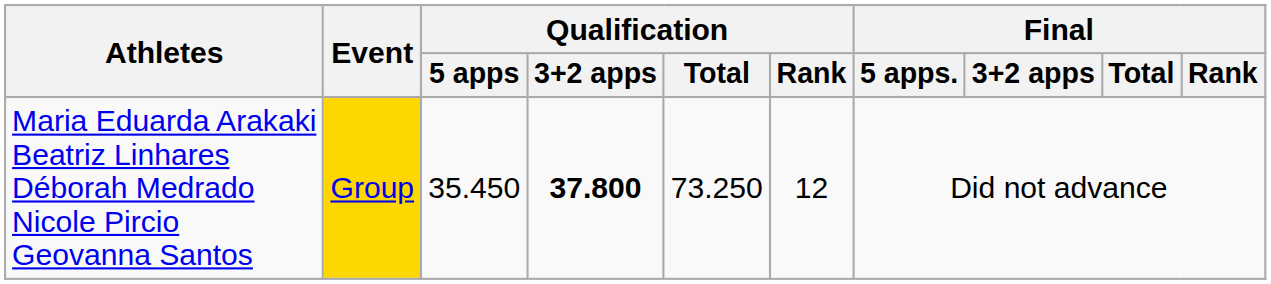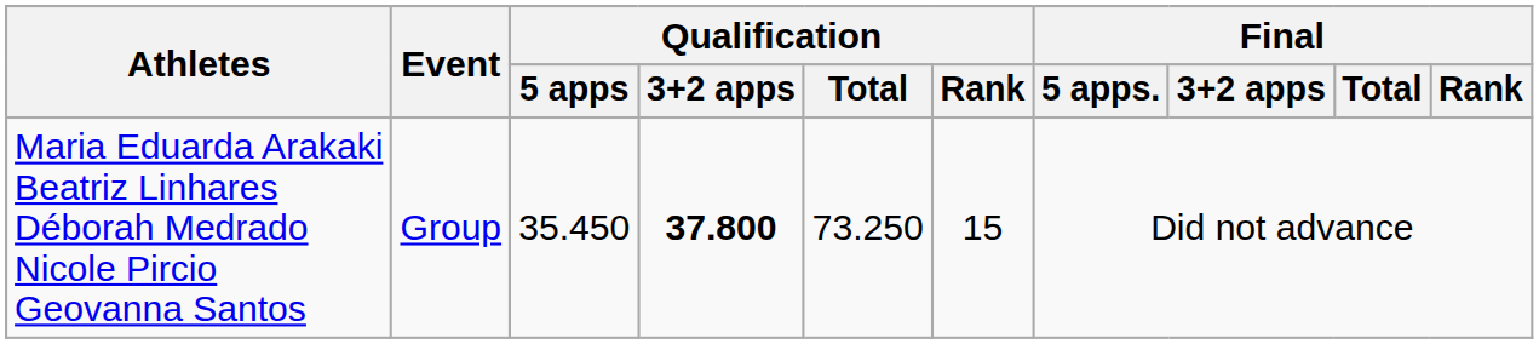 <table class="wikitable" style="font-size:90%">
 <tr>
 <th rowspan="2">Athletes</th>
 <th rowspan="2">Event</th>
 <th colspan="4">Qualification</th>
 <th colspan="4">Final</th>
 </tr>
 <tr style="font-size:95%">
 <th>5 apps</th>
 <th>3+2 apps</th>
 <th>Total</th>
 <th>Rank</th>
 <th>5 apps.</th>
 <th>3+2 apps</th>
 <th>Total</th>
 <th>Rank</th>
 </tr>
 <tr align=center>
 <td align=left><a href='#'>Maria Eduarda Arakaki</a><br><a href='#'>Beatriz Linhares</a><br><a href='#'>Déborah Medrado</a><br><a href='#'>Nicole Pircio</a><br><a href='#'>Geovanna Santos</a></td>
-<td align=left style="background: gold;"><a href='#'>Group</a></td>
+<td align=left><a href='#'>Group</a></td>
 <td>35.450</td>
 <td><strong>37.800</strong></td>
 <td>73.250</td>
-<td>12</td>
+<td>15</td>
 <td colspan=4>Did not advance</td>
 </tr>
 </table>
